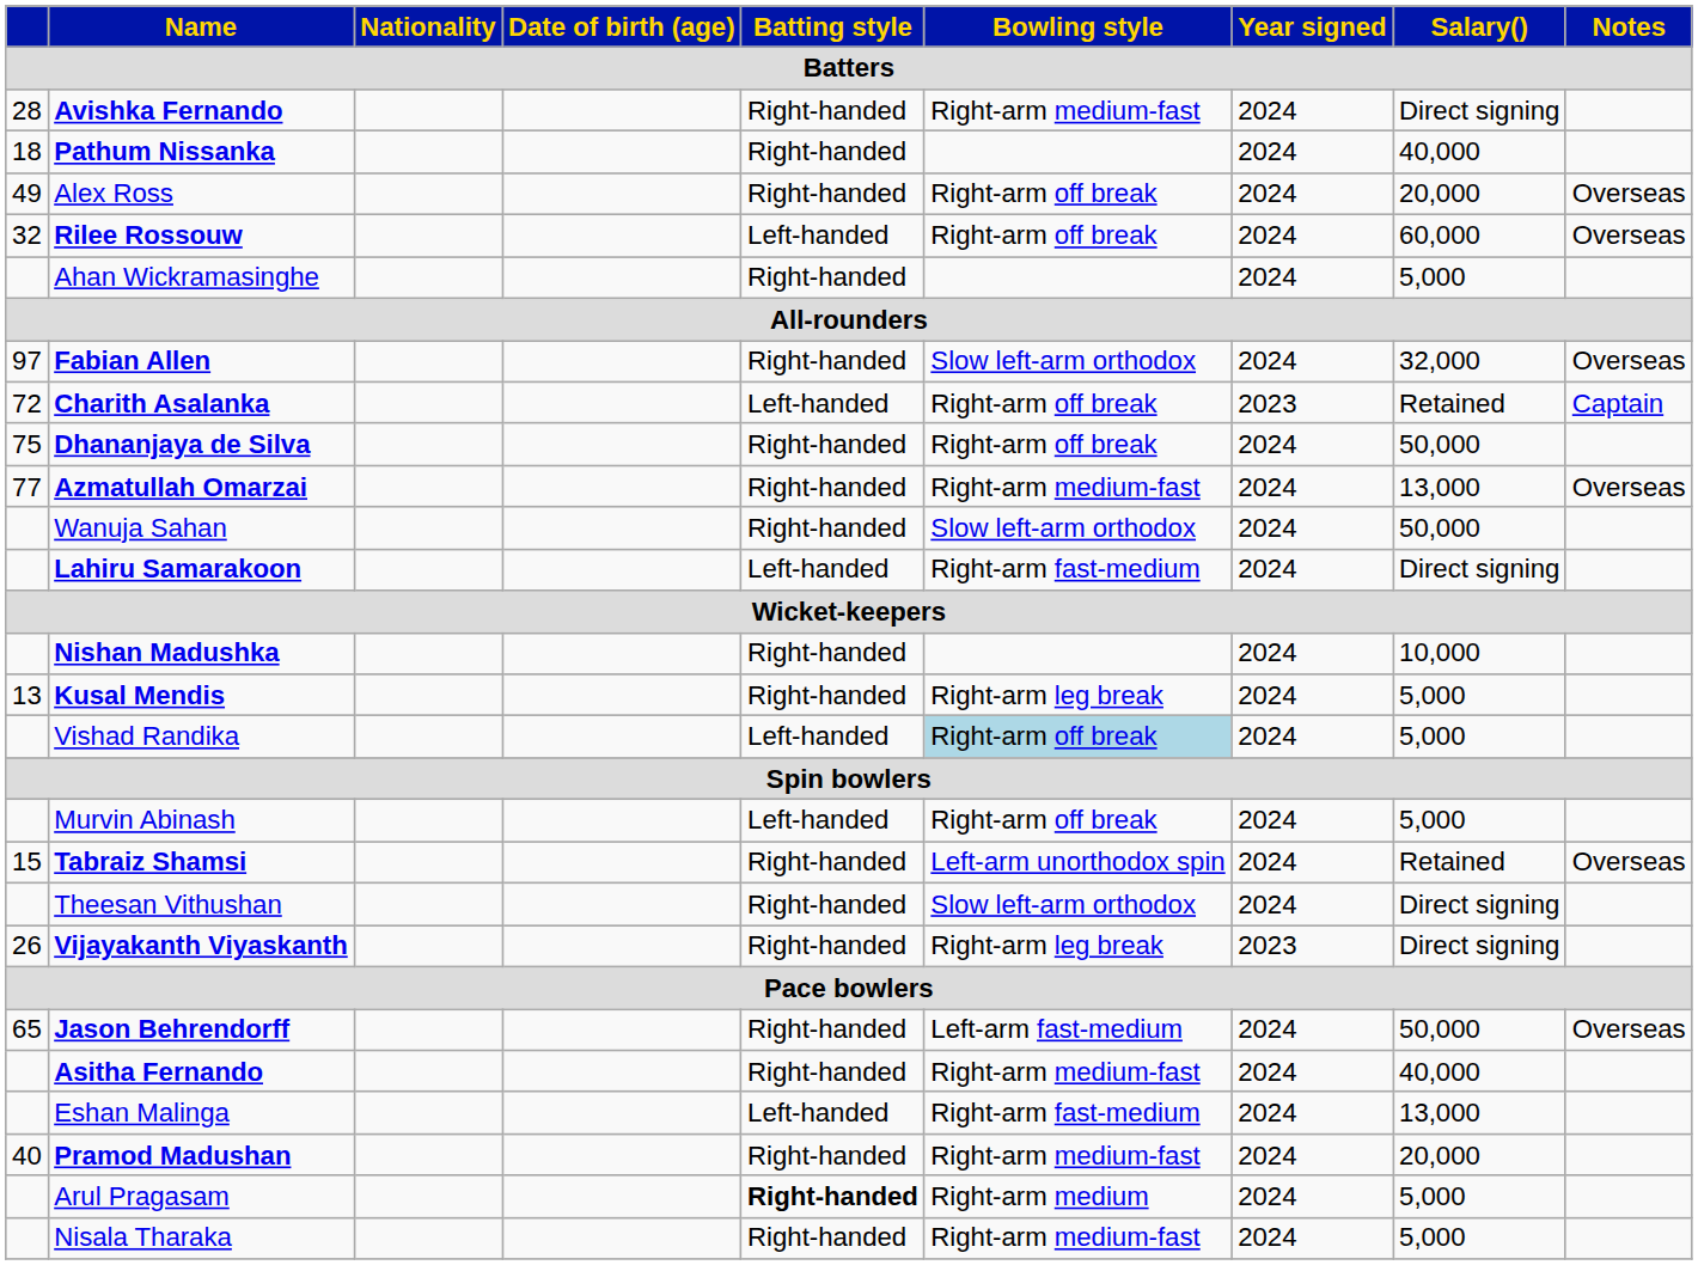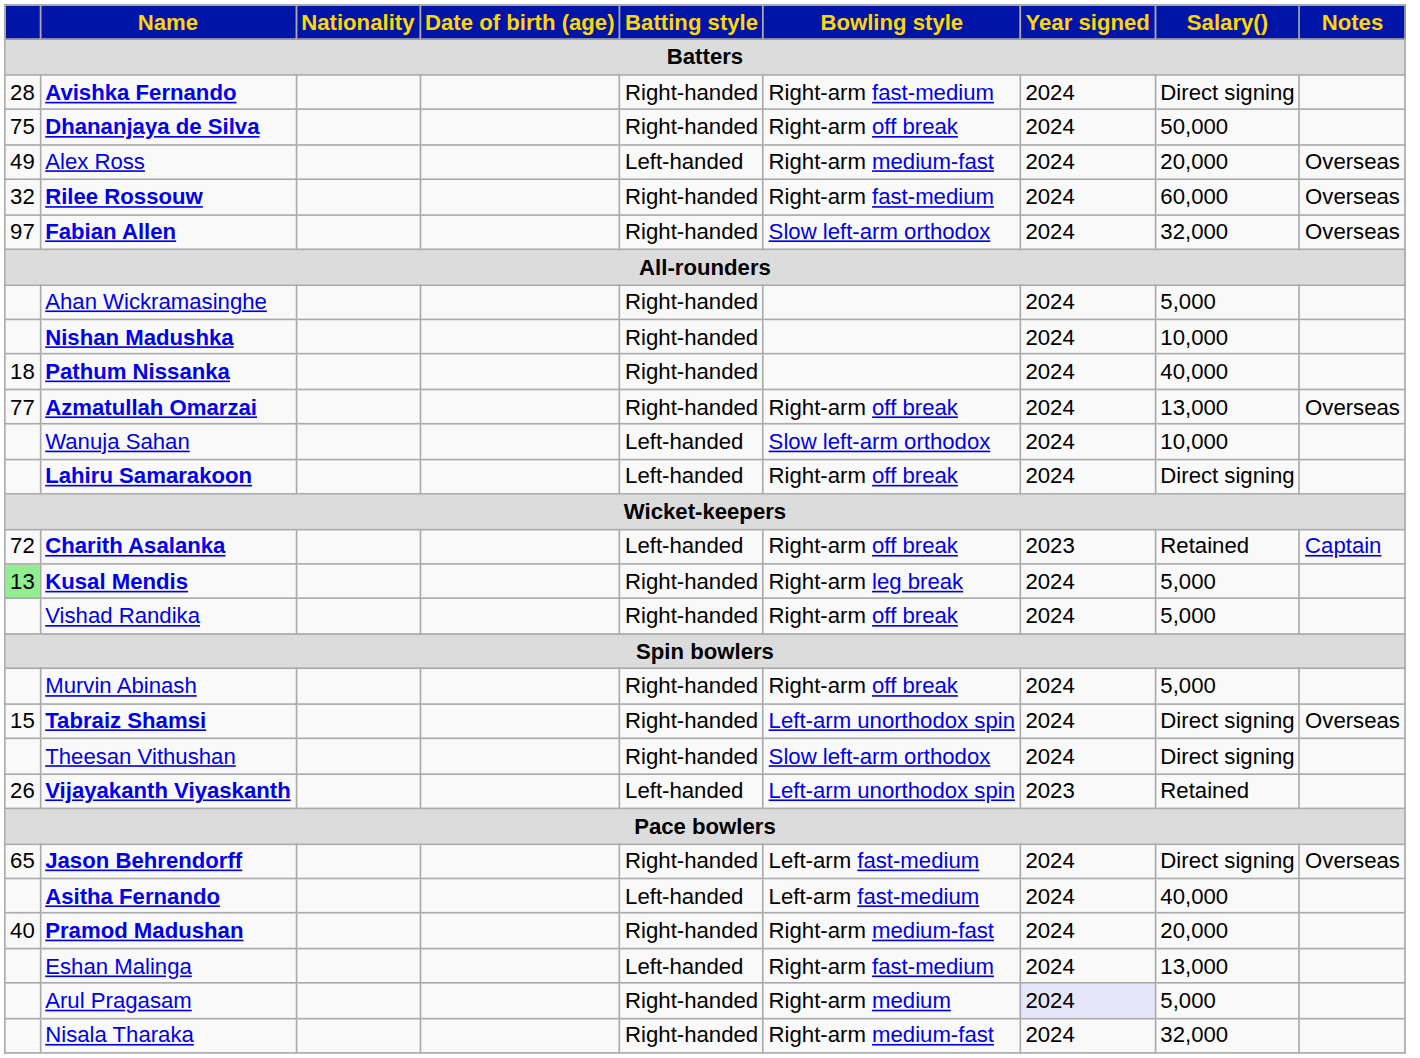 <table class="wikitable" style="font-size:85%;">
 <tr>
 </tr>
 <tr>
 <th style="background:#0014A8; color:gold; text-align:center;"></th>
 <th style="background:#0014A8; color:gold; text-align:center;">Name</th>
 <th style="background:#0014A8; color:gold; text-align:center;">Nationality</th>
 <th style="background:#0014A8; color:gold; text-align:center;">Date of birth (age)</th>
 <th style="background:#0014A8; color:gold; text-align:center;">Batting style</th>
 <th style="background:#0014A8; color:gold; text-align:center;">Bowling style</th>
 <th style="background:#0014A8; color:gold; text-align:center;">Year signed</th>
 <th style="background:#0014A8; color:gold; text-align:center;">Salary()</th>
 <th style="background:#0014A8; color:gold; text-align:center;">Notes</th>
 </tr>
 <tr>
 <td colspan="9" style="background:#dcdcdc; text-align:center;"><strong>Batters</strong></td>
 </tr>
 <tr>
 <td style="text-align:center;">28</td>
 <td><strong><a href='#'>Avishka Fernando</a></strong></td>
 <td></td>
 <td></td>
 <td>Right-handed</td>
+<td>Right-arm <a href='#'>fast-medium</a></td>
+<td>2024</td>
+<td>Direct signing</td>
+<td></td>
+</tr>
+<tr>
+<td style="text-align:center;">75</td>
+<td><strong><a href='#'>Dhananjaya de Silva</a></strong></td>
+<td></td>
+<td></td>
+<td>Right-handed</td>
+<td>Right-arm <a href='#'>off break</a></td>
+<td>2024</td>
+<td>50,000</td>
+<td></td>
+</tr>
+<tr>
+<td style="text-align:center;">49</td>
+<td><a href='#'>Alex Ross</a></td>
+<td></td>
+<td></td>
+<td>Left-handed</td>
 <td>Right-arm <a href='#'>medium-fast</a></td>
 <td>2024</td>
-<td>Direct signing</td>
+<td>20,000</td>
+<td>Overseas</td>
+</tr>
+<tr>
+<td style="text-align:center;">32</td>
+<td><strong><a href='#'>Rilee Rossouw</a></strong></td>
+<td></td>
+<td></td>
+<td>Right-handed</td>
+<td>Right-arm <a href='#'>fast-medium</a></td>
+<td>2024</td>
+<td>60,000</td>
+<td>Overseas</td>
+</tr>
+<tr>
+<td style="text-align:center;">97</td>
+<td><strong><a href='#'>Fabian Allen</a></strong></td>
+<td></td>
+<td></td>
+<td>Right-handed</td>
+<td><a href='#'>Slow left-arm orthodox</a></td>
+<td>2024</td>
+<td>32,000</td>
+<td>Overseas</td>
+</tr>
+<tr>
+<td colspan="9" style="background: #DCDCDC" align="center"><strong>All-rounders</strong></td>
+</tr>
+<tr>
+<td></td>
+<td><a href='#'>Ahan Wickramasinghe</a></td>
+<td></td>
+<td></td>
+<td>Right-handed</td>
+<td></td>
+<td>2024</td>
+<td>5,000</td>
+<td></td>
+</tr>
+<tr>
+<td></td>
+<td><strong><a href='#'>Nishan Madushka</a></strong></td>
+<td></td>
+<td></td>
+<td>Right-handed</td>
+<td></td>
+<td>2024</td>
+<td>10,000</td>
 <td></td>
 </tr>
 <tr>
 <td style="text-align:center;">18</td>
 <td><strong><a href='#'>Pathum Nissanka</a></strong></td>
 <td></td>
 <td></td>
 <td>Right-handed</td>
 <td></td>
 <td>2024</td>
 <td>40,000</td>
 <td></td>
 </tr>
 <tr>
-<td style="text-align:center;">49</td>
-<td><a href='#'>Alex Ross</a></td>
+<td style="text-align:center;">77</td>
+<td><strong><a href='#'>Azmatullah Omarzai</a></strong></td>
 <td></td>
 <td></td>
 <td>Right-handed</td>
 <td>Right-arm <a href='#'>off break</a></td>
 <td>2024</td>
-<td>20,000</td>
+<td>13,000</td>
 <td>Overseas</td>
 </tr>
 <tr>
-<td style="text-align:center;">32</td>
-<td><strong><a href='#'>Rilee Rossouw</a></strong></td>
+<td></td>
+<td><a href='#'>Wanuja Sahan</a></td>
+<td></td>
+<td></td>
+<td>Left-handed</td>
+<td><a href='#'>Slow left-arm orthodox</a></td>
+<td>2024</td>
+<td>10,000</td>
+<td></td>
+</tr>
+<tr>
+<td></td>
+<td><strong><a href='#'>Lahiru Samarakoon</a></strong></td>
 <td></td>
 <td></td>
 <td>Left-handed</td>
 <td>Right-arm <a href='#'>off break</a></td>
 <td>2024</td>
-<td>60,000</td>
-<td>Overseas</td>
-</tr>
-<tr>
-<td></td>
-<td><a href='#'>Ahan Wickramasinghe</a></td>
-<td></td>
-<td></td>
-<td>Right-handed</td>
-<td></td>
-<td>2024</td>
-<td>5,000</td>
+<td>Direct signing</td>
 <td></td>
 </tr>
 <tr>
-<td colspan="9" style="background: #DCDCDC" align="center"><strong>All-rounders</strong></td>
-</tr>
-<tr>
-<td style="text-align:center;">97</td>
-<td><strong><a href='#'>Fabian Allen</a></strong></td>
-<td></td>
-<td></td>
-<td>Right-handed</td>
-<td><a href='#'>Slow left-arm orthodox</a></td>
-<td>2024</td>
-<td>32,000</td>
-<td>Overseas</td>
+<td colspan="9" style="background: #DCDCDC" align="center"><strong>Wicket-keepers</strong></td>
 </tr>
 <tr>
 <td style="text-align:center">72</td>
 <td><strong><a href='#'>Charith Asalanka</a></strong></td>
 <td></td>
 <td></td>
 <td>Left-handed</td>
 <td>Right-arm <a href='#'>off break</a></td>
 <td>2023</td>
 <td>Retained</td>
 <td><a href='#'>Captain</a></td>
 </tr>
 <tr>
-<td style="text-align:center;">75</td>
-<td><strong><a href='#'>Dhananjaya de Silva</a></strong></td>
-<td></td>
-<td></td>
-<td>Right-handed</td>
-<td>Right-arm <a href='#'>off break</a></td>
-<td>2024</td>
-<td>50,000</td>
-<td></td>
-</tr>
-<tr>
-<td style="text-align:center;">77</td>
-<td><strong><a href='#'>Azmatullah Omarzai</a></strong></td>
-<td></td>
-<td></td>
-<td>Right-handed</td>
-<td>Right-arm <a href='#'>medium-fast</a></td>
-<td>2024</td>
-<td>13,000</td>
-<td>Overseas</td>
-</tr>
-<tr>
-<td></td>
-<td><a href='#'>Wanuja Sahan</a></td>
-<td></td>
-<td></td>
-<td>Right-handed</td>
-<td><a href='#'>Slow left-arm orthodox</a></td>
-<td>2024</td>
-<td>50,000</td>
-<td></td>
-</tr>
-<tr>
-<td></td>
-<td><strong><a href='#'>Lahiru Samarakoon</a></strong></td>
-<td></td>
-<td></td>
-<td>Left-handed</td>
-<td>Right-arm <a href='#'>fast-medium</a></td>
-<td>2024</td>
-<td>Direct signing</td>
-<td></td>
-</tr>
-<tr>
-<td colspan="9" style="background: #DCDCDC" align="center"><strong>Wicket-keepers</strong></td>
-</tr>
-<tr>
-<td></td>
-<td><strong><a href='#'>Nishan Madushka</a></strong></td>
-<td></td>
-<td></td>
-<td>Right-handed</td>
-<td></td>
-<td>2024</td>
-<td>10,000</td>
-<td></td>
-</tr>
-<tr>
-<td style="text-align:center;">13</td>
+<td style="background: lightgreen; text-align:center;">13</td>
 <td><strong><a href='#'>Kusal Mendis</a></strong></td>
 <td></td>
 <td></td>
 <td>Right-handed</td>
 <td>Right-arm <a href='#'>leg break</a></td>
 <td>2024</td>
 <td>5,000</td>
 <td></td>
 </tr>
 <tr>
 <td></td>
 <td><a href='#'>Vishad Randika</a></td>
 <td></td>
 <td></td>
-<td>Left-handed</td>
-<td style="background: lightblue;">Right-arm <a href='#'>off break</a></td>
+<td>Right-handed</td>
+<td>Right-arm <a href='#'>off break</a></td>
 <td>2024</td>
 <td>5,000</td>
 <td></td>
 </tr>
 <tr>
 <td colspan="9" style="background: #DCDCDC" align="center"><strong>Spin bowlers</strong></td>
 </tr>
 <tr>
 <td></td>
 <td><a href='#'>Murvin Abinash</a></td>
 <td></td>
 <td></td>
-<td>Left-handed</td>
+<td>Right-handed</td>
 <td>Right-arm <a href='#'>off break</a></td>
 <td>2024</td>
 <td>5,000</td>
 <td></td>
 </tr>
 <tr>
 <td style="text-align:center;">15</td>
 <td><strong><a href='#'>Tabraiz Shamsi</a></strong></td>
 <td></td>
 <td></td>
 <td>Right-handed</td>
 <td><a href='#'>Left-arm unorthodox spin</a></td>
 <td>2024</td>
-<td>Retained</td>
+<td>Direct signing</td>
 <td>Overseas</td>
 </tr>
 <tr>
 <td></td>
 <td><a href='#'>Theesan Vithushan</a></td>
 <td></td>
 <td></td>
 <td>Right-handed</td>
 <td><a href='#'>Slow left-arm orthodox</a></td>
 <td>2024</td>
 <td>Direct signing</td>
 <td></td>
 </tr>
 <tr>
 <td style="text-align:center;">26</td>
 <td><strong><a href='#'>Vijayakanth Viyaskanth</a></strong></td>
 <td></td>
 <td></td>
-<td>Right-handed</td>
-<td>Right-arm <a href='#'>leg break</a></td>
+<td>Left-handed</td>
+<td><a href='#'>Left-arm unorthodox spin</a></td>
 <td>2023</td>
-<td>Direct signing</td>
+<td>Retained</td>
 <td></td>
 </tr>
 <tr>
 <td colspan="9" style="background: #DCDCDC" align="center"><strong>Pace bowlers</strong></td>
 </tr>
 <tr>
 <td style="text-align:center;">65</td>
 <td><strong><a href='#'>Jason Behrendorff</a></strong></td>
 <td></td>
 <td></td>
 <td>Right-handed</td>
 <td>Left-arm <a href='#'>fast-medium</a></td>
 <td>2024</td>
-<td>50,000</td>
+<td>Direct signing</td>
 <td>Overseas</td>
 </tr>
 <tr>
 <td style="text-align:center;"></td>
 <td><strong><a href='#'>Asitha Fernando</a></strong></td>
 <td></td>
 <td></td>
-<td>Right-handed</td>
-<td>Right-arm <a href='#'>medium-fast</a></td>
+<td>Left-handed</td>
+<td>Left-arm <a href='#'>fast-medium</a></td>
 <td>2024</td>
 <td>40,000</td>
-<td></td>
-</tr>
-<tr>
-<td></td>
-<td><a href='#'>Eshan Malinga</a></td>
-<td></td>
-<td></td>
-<td>Left-handed</td>
-<td>Right-arm <a href='#'>fast-medium</a></td>
-<td>2024</td>
-<td>13,000</td>
 <td></td>
 </tr>
 <tr>
 <td style="text-align:center;">40</td>
 <td><strong><a href='#'>Pramod Madushan</a></strong></td>
 <td></td>
 <td></td>
 <td>Right-handed</td>
 <td>Right-arm <a href='#'>medium-fast</a></td>
 <td>2024</td>
 <td>20,000</td>
 <td></td>
 </tr>
 <tr>
 <td></td>
+<td><a href='#'>Eshan Malinga</a></td>
+<td></td>
+<td></td>
+<td>Left-handed</td>
+<td>Right-arm <a href='#'>fast-medium</a></td>
+<td>2024</td>
+<td>13,000</td>
+<td></td>
+</tr>
+<tr>
+<td></td>
 <td><a href='#'>Arul Pragasam</a></td>
 <td></td>
 <td></td>
-<td><strong>Right-handed</strong></td>
+<td>Right-handed</td>
 <td>Right-arm <a href='#'>medium</a></td>
-<td>2024</td>
+<td style="background: lavender;">2024</td>
 <td>5,000</td>
 <td></td>
 </tr>
 <tr>
 <td></td>
 <td><a href='#'>Nisala Tharaka</a></td>
 <td></td>
 <td></td>
 <td>Right-handed</td>
 <td>Right-arm <a href='#'>medium-fast</a></td>
 <td>2024</td>
-<td>5,000</td>
+<td>32,000</td>
 <td></td>
 </tr>
 </table>
